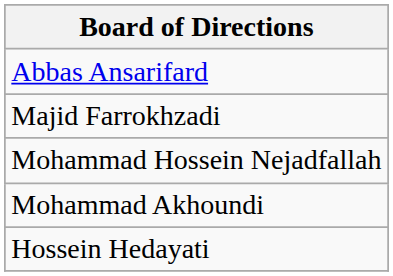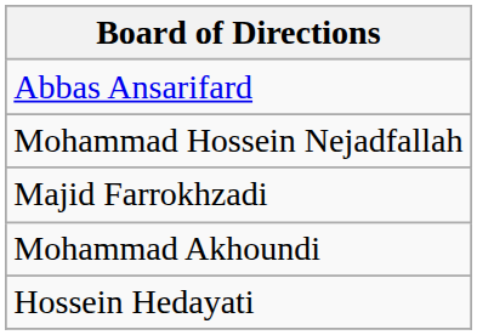 <table class="wikitable" "align: right;">
 <tr>
 <th>Board of Directions</th>
 </tr>
 <tr>
 <td> <a href='#'>Abbas Ansarifard</a></td>
 </tr>
 <tr>
-<td> Majid Farrokhzadi</td>
+<td> Mohammad Hossein Nejadfallah</td>
 </tr>
 <tr>
-<td> Mohammad Hossein Nejadfallah</td>
+<td> Majid Farrokhzadi</td>
 </tr>
 <tr>
 <td> Mohammad Akhoundi</td>
 </tr>
 <tr>
 <td> Hossein Hedayati</td>
 </tr>
 </table>
